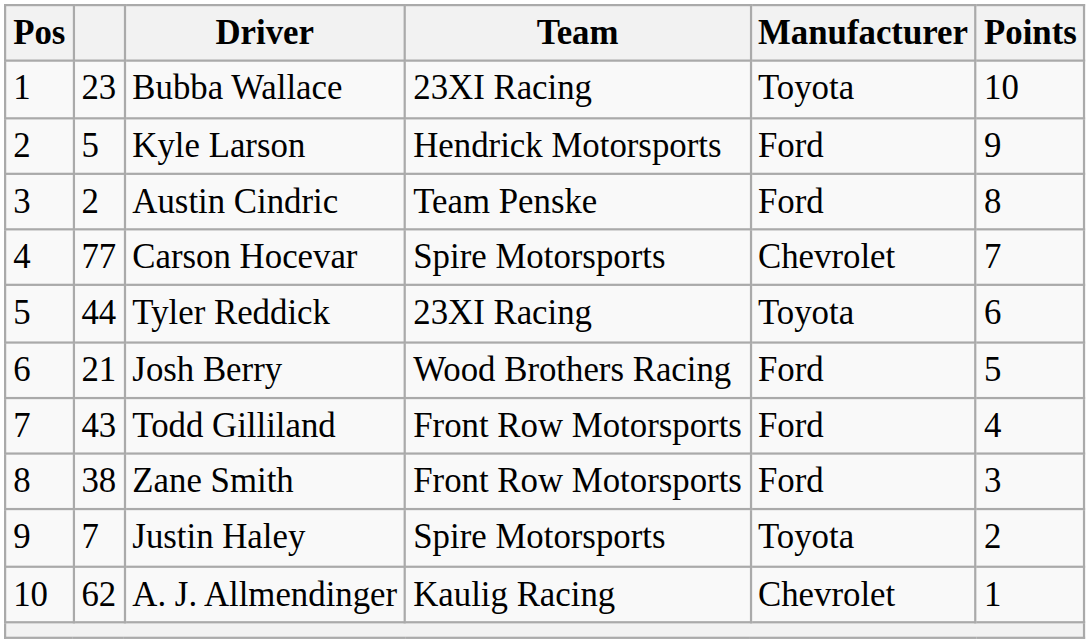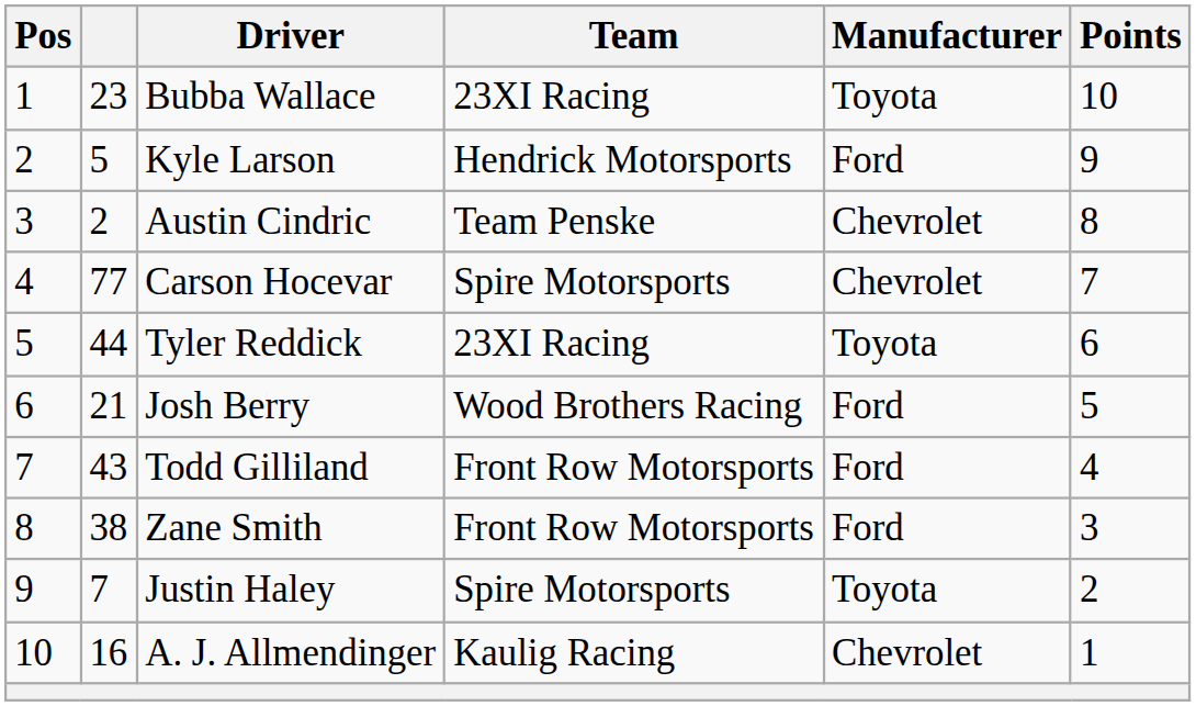 <table class="wikitable" style="font-size:98%">
 <tr>
 <th>Pos</th>
 <th></th>
 <th>Driver</th>
 <th>Team</th>
 <th>Manufacturer</th>
 <th>Points</th>
 </tr>
 <tr>
 <td>1</td>
 <td>23</td>
 <td>Bubba Wallace</td>
 <td>23XI Racing</td>
 <td>Toyota</td>
 <td>10</td>
 </tr>
 <tr>
 <td>2</td>
 <td>5</td>
 <td>Kyle Larson</td>
 <td>Hendrick Motorsports</td>
 <td>Ford</td>
 <td>9</td>
 </tr>
 <tr>
 <td>3</td>
 <td>2</td>
 <td>Austin Cindric</td>
 <td>Team Penske</td>
-<td>Ford</td>
+<td>Chevrolet</td>
 <td>8</td>
 </tr>
 <tr>
 <td>4</td>
 <td>77</td>
 <td>Carson Hocevar</td>
 <td>Spire Motorsports</td>
 <td>Chevrolet</td>
 <td>7</td>
 </tr>
 <tr>
 <td>5</td>
 <td>44</td>
 <td>Tyler Reddick</td>
 <td>23XI Racing</td>
 <td>Toyota</td>
 <td>6</td>
 </tr>
 <tr>
 <td>6</td>
 <td>21</td>
 <td>Josh Berry</td>
 <td>Wood Brothers Racing</td>
 <td>Ford</td>
 <td>5</td>
 </tr>
 <tr>
 <td>7</td>
 <td>43</td>
 <td>Todd Gilliland</td>
 <td>Front Row Motorsports</td>
 <td>Ford</td>
 <td>4</td>
 </tr>
 <tr>
 <td>8</td>
 <td>38</td>
 <td>Zane Smith</td>
 <td>Front Row Motorsports</td>
 <td>Ford</td>
 <td>3</td>
 </tr>
 <tr>
 <td>9</td>
 <td>7</td>
 <td>Justin Haley</td>
 <td>Spire Motorsports</td>
 <td>Toyota</td>
 <td>2</td>
 </tr>
 <tr>
 <td>10</td>
-<td>62</td>
+<td>16</td>
 <td>A. J. Allmendinger</td>
 <td>Kaulig Racing</td>
 <td>Chevrolet</td>
 <td>1</td>
 </tr>
 <tr>
 <th colspan="6"></th>
 </tr>
 </table>
